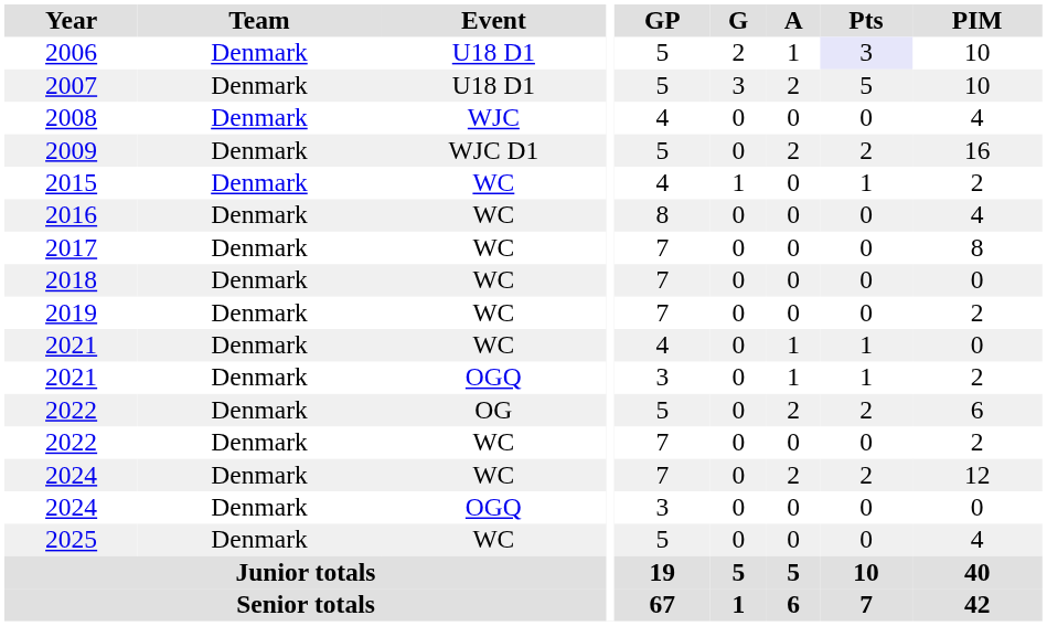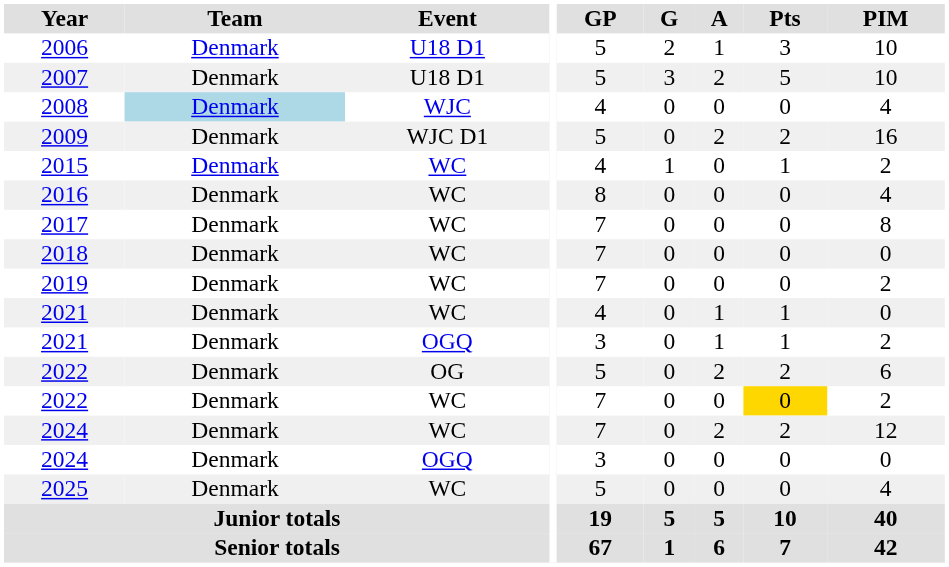 <table border="0" cellpadding="1" cellspacing="0" ID="Table3" style="text-align:center; width:40em">
 <tr ALIGN="center" bgcolor="#e0e0e0">
 <th>Year</th>
 <th>Team</th>
 <th>Event</th>
 <th rowspan="99" bgcolor="#ffffff"></th>
 <th>GP</th>
 <th>G</th>
 <th>A</th>
 <th>Pts</th>
 <th>PIM</th>
 </tr>
 <tr>
 <td><a href='#'>2006</a></td>
 <td><a href='#'>Denmark</a></td>
 <td><a href='#'>U18 D1</a></td>
 <td>5</td>
 <td>2</td>
 <td>1</td>
-<td style="background: lavender;">3</td>
+<td>3</td>
 <td>10</td>
 </tr>
 <tr bgcolor="#f0f0f0">
 <td><a href='#'>2007</a></td>
 <td>Denmark</td>
 <td>U18 D1</td>
 <td>5</td>
 <td>3</td>
 <td>2</td>
 <td>5</td>
 <td>10</td>
 </tr>
 <tr>
 <td><a href='#'>2008</a></td>
-<td><a href='#'>Denmark</a></td>
+<td style="background: lightblue;"><a href='#'>Denmark</a></td>
 <td><a href='#'>WJC</a></td>
 <td>4</td>
 <td>0</td>
 <td>0</td>
 <td>0</td>
 <td>4</td>
 </tr>
 <tr bgcolor="#f0f0f0">
 <td><a href='#'>2009</a></td>
 <td>Denmark</td>
 <td>WJC D1</td>
 <td>5</td>
 <td>0</td>
 <td>2</td>
 <td>2</td>
 <td>16</td>
 </tr>
 <tr>
 <td><a href='#'>2015</a></td>
 <td><a href='#'>Denmark</a></td>
 <td><a href='#'>WC</a></td>
 <td>4</td>
 <td>1</td>
 <td>0</td>
 <td>1</td>
 <td>2</td>
 </tr>
 <tr bgcolor="#f0f0f0">
 <td><a href='#'>2016</a></td>
 <td>Denmark</td>
 <td>WC</td>
 <td>8</td>
 <td>0</td>
 <td>0</td>
 <td>0</td>
 <td>4</td>
 </tr>
 <tr>
 <td><a href='#'>2017</a></td>
 <td>Denmark</td>
 <td>WC</td>
 <td>7</td>
 <td>0</td>
 <td>0</td>
 <td>0</td>
 <td>8</td>
 </tr>
 <tr bgcolor="#f0f0f0">
 <td><a href='#'>2018</a></td>
 <td>Denmark</td>
 <td>WC</td>
 <td>7</td>
 <td>0</td>
 <td>0</td>
 <td>0</td>
 <td>0</td>
 </tr>
 <tr>
 <td><a href='#'>2019</a></td>
 <td>Denmark</td>
 <td>WC</td>
 <td>7</td>
 <td>0</td>
 <td>0</td>
 <td>0</td>
 <td>2</td>
 </tr>
 <tr bgcolor="#f0f0f0">
 <td><a href='#'>2021</a></td>
 <td>Denmark</td>
 <td>WC</td>
 <td>4</td>
 <td>0</td>
 <td>1</td>
 <td>1</td>
 <td>0</td>
 </tr>
 <tr>
 <td><a href='#'>2021</a></td>
 <td>Denmark</td>
 <td><a href='#'>OGQ</a></td>
 <td>3</td>
 <td>0</td>
 <td>1</td>
 <td>1</td>
 <td>2</td>
 </tr>
 <tr bgcolor="#f0f0f0">
 <td><a href='#'>2022</a></td>
 <td>Denmark</td>
 <td>OG</td>
 <td>5</td>
 <td>0</td>
 <td>2</td>
 <td>2</td>
 <td>6</td>
 </tr>
 <tr>
 <td><a href='#'>2022</a></td>
 <td>Denmark</td>
 <td>WC</td>
 <td>7</td>
 <td>0</td>
 <td>0</td>
-<td>0</td>
+<td style="background: gold;">0</td>
 <td>2</td>
 </tr>
 <tr bgcolor="#f0f0f0">
 <td><a href='#'>2024</a></td>
 <td>Denmark</td>
 <td>WC</td>
 <td>7</td>
 <td>0</td>
 <td>2</td>
 <td>2</td>
 <td>12</td>
 </tr>
 <tr>
 <td><a href='#'>2024</a></td>
 <td>Denmark</td>
 <td><a href='#'>OGQ</a></td>
 <td>3</td>
 <td>0</td>
 <td>0</td>
 <td>0</td>
 <td>0</td>
 </tr>
 <tr bgcolor="#f0f0f0">
 <td><a href='#'>2025</a></td>
 <td>Denmark</td>
 <td>WC</td>
 <td>5</td>
 <td>0</td>
 <td>0</td>
 <td>0</td>
 <td>4</td>
 </tr>
 <tr bgcolor="#e0e0e0">
 <th colspan="3">Junior totals</th>
 <th>19</th>
 <th>5</th>
 <th>5</th>
 <th>10</th>
 <th>40</th>
 </tr>
 <tr bgcolor="#e0e0e0">
 <th colspan="3">Senior totals</th>
 <th>67</th>
 <th>1</th>
 <th>6</th>
 <th>7</th>
 <th>42</th>
 </tr>
 </table>
